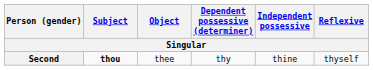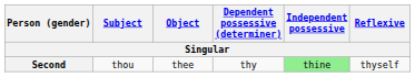 <table class="wikitable" style="text-align:center">
 <tr>
 <th colspan="2">Person (gender)</th>
 <th style="width:6em;line-height:1.2;"><a href='#'>Subject</a></th>
 <th style="width:6em;line-height:1.2;"><a href='#'>Object</a></th>
 <th style="width:6em;line-height:1.2;"><a href='#'>Dependent possessive (determiner)</a></th>
 <th style="width:6em;line-height:1.2;"><a href='#'>Independent possessive</a></th>
 <th style="width:6em;line-height:1.2;"><a href='#'>Reflexive</a></th>
 </tr>
 <tr>
 <th colspan="7">Singular</th>
 </tr>
 <tr>
 <th colspan="2">Second</th>
-<td><strong>thou</strong></td>
+<td>thou</td>
 <td>thee</td>
 <td>thy</td>
-<td>thine</td>
+<td style="background: lightgreen;">thine</td>
 <td>thyself</td>
 </tr>
 </table>
